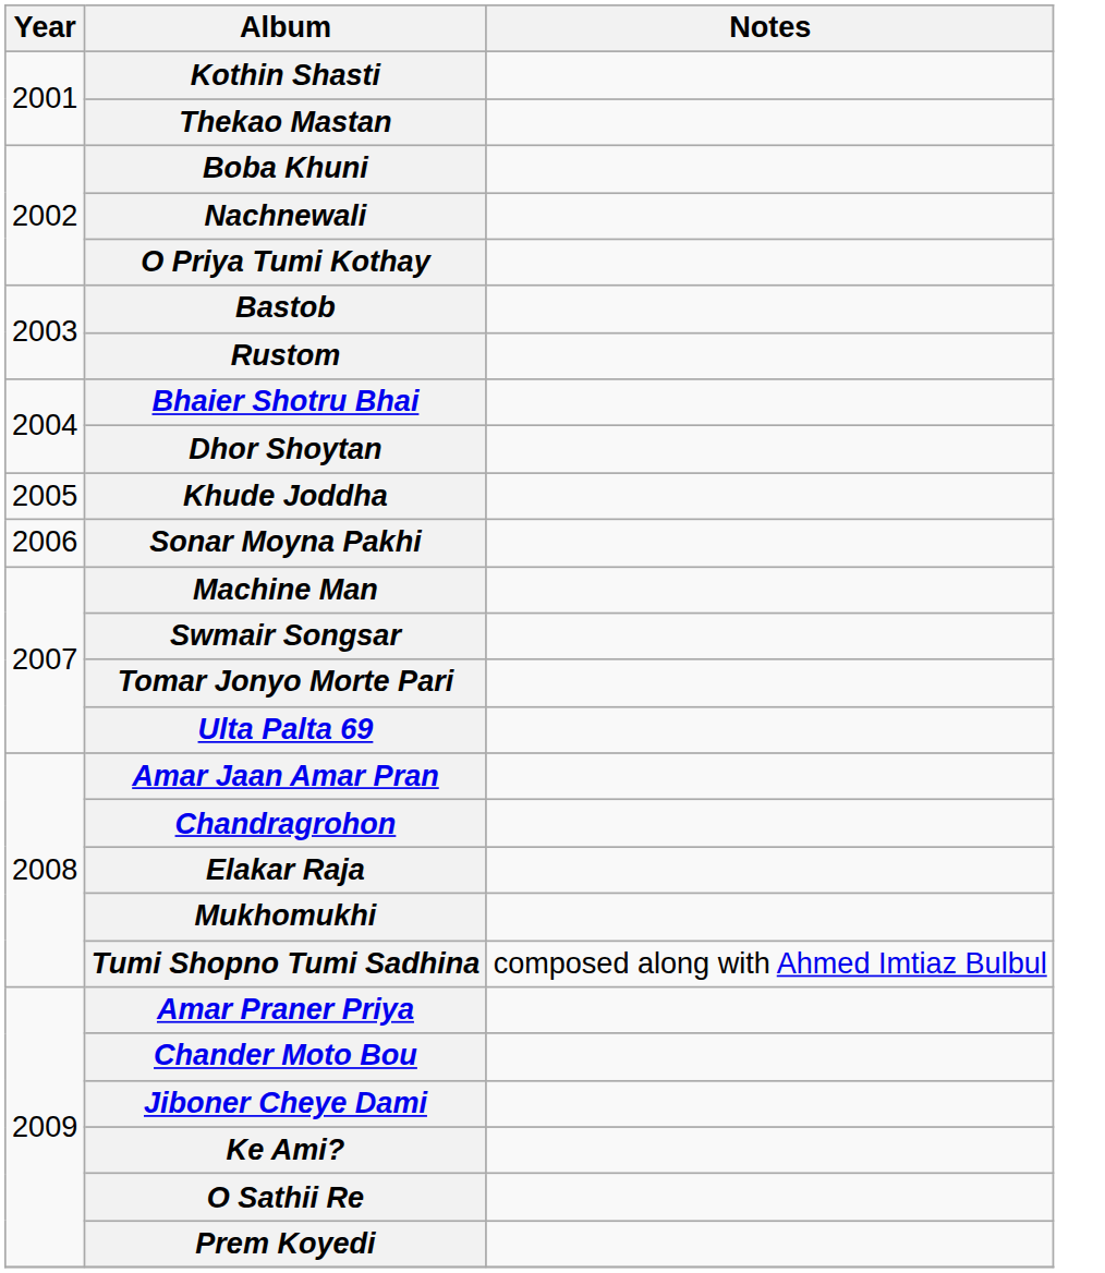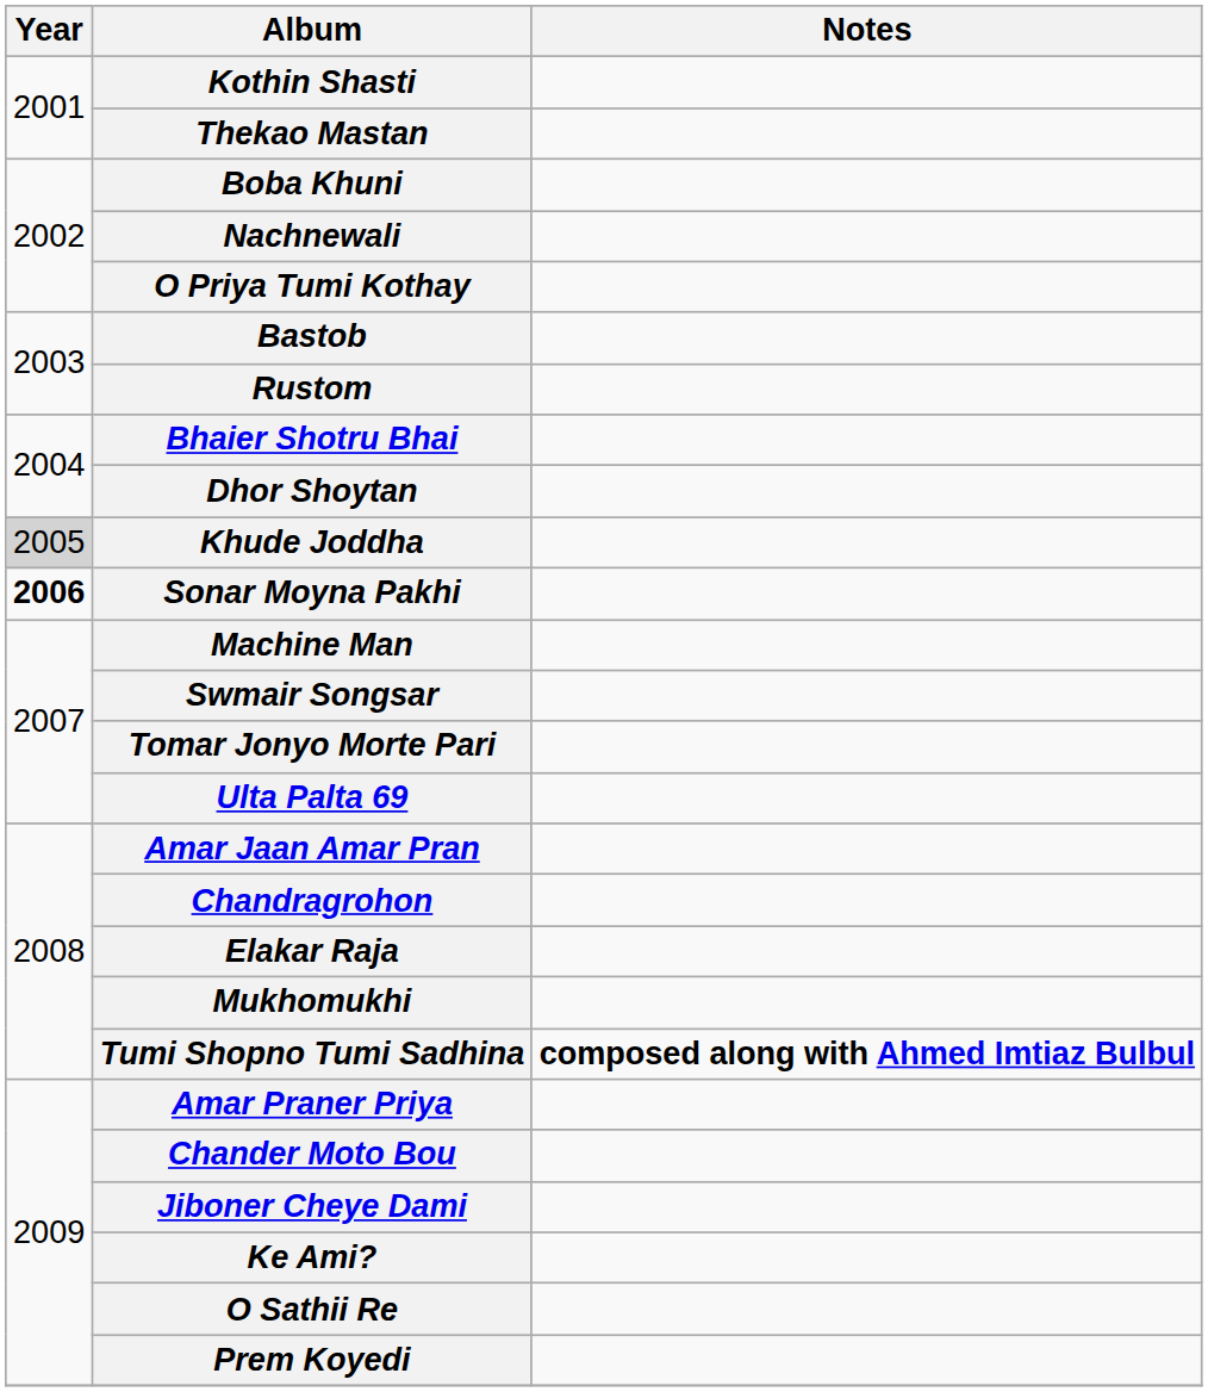 <table class="wikitable sortable">
 <tr>
 <th>Year</th>
 <th>Album</th>
 <th>Notes</th>
 </tr>
 <tr>
 <td rowspan=2>2001</td>
 <th><em>Kothin Shasti</em></th>
 <td></td>
 </tr>
 <tr>
 <th><em>Thekao Mastan</em></th>
 <td></td>
 </tr>
 <tr>
 <td rowspan=3>2002</td>
 <th><em>Boba Khuni</em></th>
 <td></td>
 </tr>
 <tr>
 <th><em>Nachnewali</em></th>
 <td></td>
 </tr>
 <tr>
 <th><em>O Priya Tumi Kothay</em></th>
 <td></td>
 </tr>
 <tr>
 <td rowspan=2>2003</td>
 <th><em>Bastob</em></th>
 <td></td>
 </tr>
 <tr>
 <th><em>Rustom</em></th>
 <td></td>
 </tr>
 <tr>
 <td rowspan=2>2004</td>
 <th><em><a href='#'>Bhaier Shotru Bhai</a></em></th>
 <td></td>
 </tr>
 <tr>
 <th><em>Dhor Shoytan</em></th>
 <td></td>
 </tr>
 <tr>
-<td rowspan=1>2005</td>
+<td rowspan=1 style="background: lightgrey;">2005</td>
 <th><em>Khude Joddha</em></th>
 <td></td>
 </tr>
 <tr>
-<td>2006</td>
+<td><strong>2006</strong></td>
 <th><em>Sonar Moyna Pakhi</em></th>
 <td></td>
 </tr>
 <tr>
 <td rowspan=4>2007</td>
 <th><em>Machine Man</em></th>
 <td></td>
 </tr>
 <tr>
 <th><em>Swmair Songsar</em></th>
 <td></td>
 </tr>
 <tr>
 <th><em>Tomar Jonyo Morte Pari</em></th>
 <td></td>
 </tr>
 <tr>
 <th><em><a href='#'>Ulta Palta 69</a></em></th>
 <td></td>
 </tr>
 <tr>
 <td rowspan=5>2008</td>
 <th><em><a href='#'>Amar Jaan Amar Pran</a></em></th>
 <td></td>
 </tr>
 <tr>
 <th><em><a href='#'>Chandragrohon</a></em></th>
 <td></td>
 </tr>
 <tr>
 <th><em>Elakar Raja</em></th>
 <td></td>
 </tr>
 <tr>
 <th><em>Mukhomukhi</em></th>
 <td></td>
 </tr>
 <tr>
 <th><em>Tumi Shopno Tumi Sadhina</em></th>
-<td>composed along with <a href='#'>Ahmed Imtiaz Bulbul</a></td>
+<td><strong>composed along with <a href='#'>Ahmed Imtiaz Bulbul</a></strong></td>
 </tr>
 <tr>
 <td rowspan=6>2009</td>
 <th><em><a href='#'>Amar Praner Priya</a></em></th>
 <td></td>
 </tr>
 <tr>
 <th><em><a href='#'>Chander Moto Bou</a></em></th>
 <td></td>
 </tr>
 <tr>
 <th><em><a href='#'>Jiboner Cheye Dami</a></em></th>
 <td></td>
 </tr>
 <tr>
 <th><em>Ke Ami?</em></th>
 <td></td>
 </tr>
 <tr>
 <th Rowspan=><em>O Sathii Re</em></th>
 <td></td>
 </tr>
 <tr>
 <th><em>Prem Koyedi</em></th>
 <td></td>
 </tr>
 <tr>
 </tr>
 </table>
